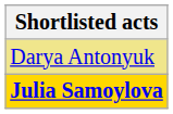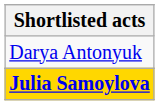 <table class="wikitable plainrowheaders" style="margin: 1em auto 1em auto">
 <tr>
 </tr>
 <tr>
 <th>Shortlisted acts</th>
 </tr>
 <tr>
-<td style="background: khaki;"><a href='#'>Darya Antonyuk</a></td>
+<td><a href='#'>Darya Antonyuk</a></td>
 </tr>
 <tr>
 </tr>
 <tr style="font-weight:bold; background:gold;">
 <td><a href='#'>Julia Samoylova</a></td>
 </tr>
 <tr>
 </tr>
 </table>
